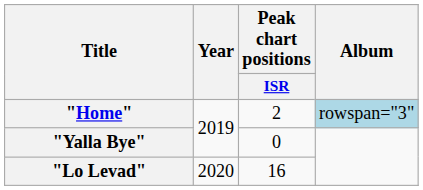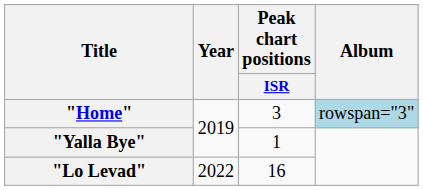 <table class="wikitable plainrowheaders" style="text-align:center;">
 <tr>
 <th scope="col" rowspan="2" style="width:10em;">Title</th>
 <th scope="col" rowspan="2" style="width:1em;">Year</th>
 <th scope="col" colspan="1">Peak chart positions</th>
 <th scope="col" rowspan="2">Album</th>
 </tr>
 <tr>
 <th scope="col" style="width:3em;font-size:85%;"><a href='#'>ISR</a><br></th>
 </tr>
 <tr>
 <th scope="row">"<a href='#'>Home</a>"</th>
 <td rowspan="2">2019</td>
-<td>2</td>
+<td>3</td>
 <td style="background: lightblue;">rowspan="3" </td>
 </tr>
 <tr>
 <th scope="row">"Yalla Bye"</th>
-<td>0</td>
+<td>1</td>
 </tr>
 <tr>
 <th scope="row">"Lo Levad"</th>
-<td>2020</td>
+<td>2022</td>
 <td>16</td>
 </tr>
 </table>
